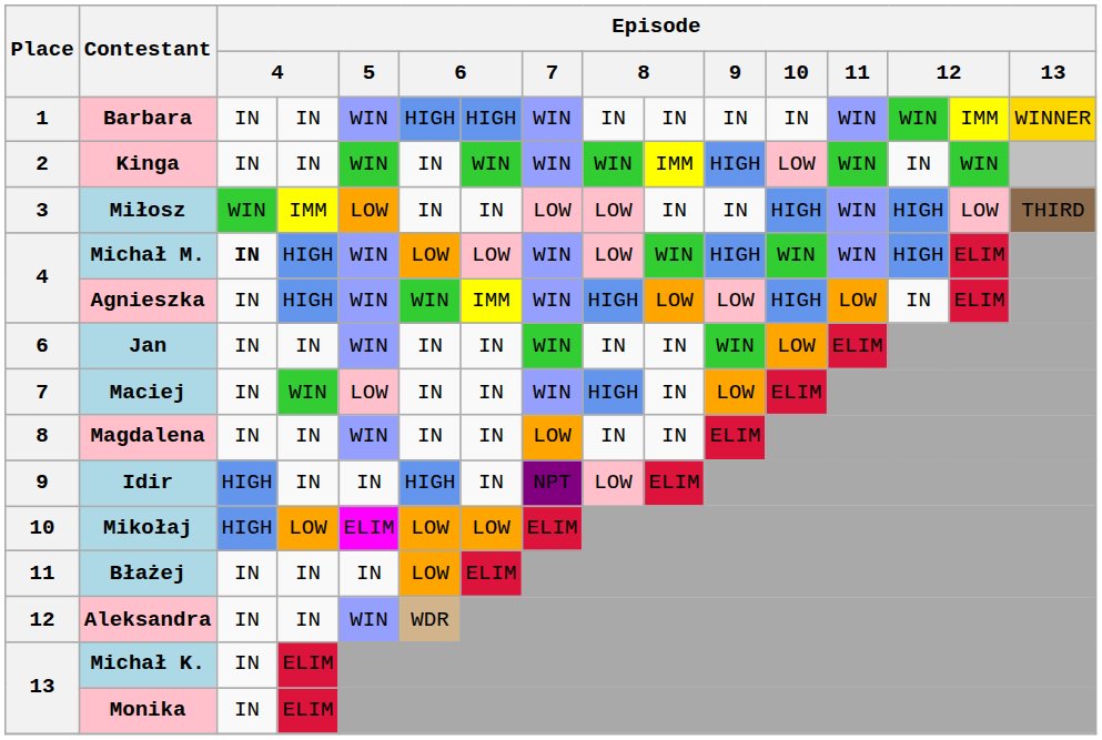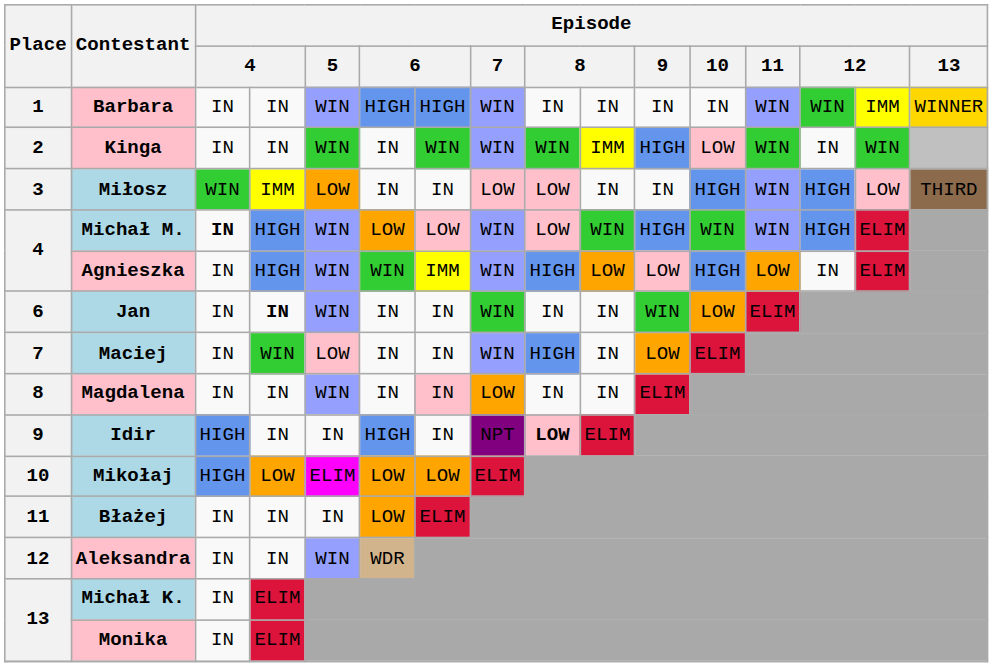 <table class="wikitable" style="text-align: center; font-size: 9pt; line-height:20px;">
 <tr>
 <th rowspan="2">Place</th>
 <th rowspan="2">Contestant</th>
 <th colspan="14">Episode</th>
 </tr>
 <tr>
 <th colspan="2">4</th>
 <th colspan="1">5</th>
 <th colspan="2">6</th>
 <th colspan="1">7</th>
 <th colspan="2">8</th>
 <th>9</th>
 <th>10</th>
 <th colspan="1">11</th>
 <th colspan="2">12</th>
 <th>13</th>
 </tr>
 <tr>
 <th>1</th>
 <th style="background:pink">Barbara</th>
 <td>IN</td>
 <td>IN</td>
 <td bgcolor=#959FFD>WIN</td>
 <td bgcolor=cornflowerblue>HIGH</td>
 <td bgcolor=cornflowerblue>HIGH</td>
 <td bgcolor=#959FFD>WIN</td>
 <td>IN</td>
 <td>IN</td>
 <td>IN</td>
 <td>IN</td>
 <td bgcolor=#959FFD>WIN</td>
 <td bgcolor=limegreen>WIN</td>
 <td bgcolor=yellow>IMM</td>
 <td bgcolor=gold>WINNER</td>
 </tr>
 <tr>
 <th>2</th>
 <th style="background:pink">Kinga</th>
 <td>IN</td>
 <td>IN</td>
 <td bgcolor=limegreen>WIN</td>
 <td>IN</td>
 <td bgcolor=limegreen>WIN</td>
 <td bgcolor=#959FFD>WIN</td>
 <td bgcolor=limegreen>WIN</td>
 <td bgcolor=yellow>IMM</td>
 <td bgcolor=cornflowerblue>HIGH</td>
 <td bgcolor=pink>LOW</td>
 <td bgcolor=limegreen>WIN</td>
 <td>IN</td>
 <td bgcolor=limegreen>WIN</td>
 <td bgcolor=silver></td>
 </tr>
 <tr>
 <th>3</th>
 <th style="background:lightblue">Miłosz</th>
 <td bgcolor=limegreen>WIN</td>
 <td bgcolor=yellow>IMM</td>
 <td bgcolor=orange>LOW</td>
 <td>IN</td>
 <td>IN</td>
 <td bgcolor=pink>LOW</td>
 <td bgcolor=pink>LOW</td>
 <td>IN</td>
 <td>IN</td>
 <td bgcolor=cornflowerblue>HIGH</td>
 <td bgcolor=#959FFD>WIN</td>
 <td bgcolor=cornflowerblue>HIGH</td>
 <td bgcolor=pink>LOW</td>
 <td bgcolor=#8c6b4d>THIRD</td>
 </tr>
 <tr>
 <th rowspan="2">4</th>
 <th style="background:lightblue">Michał M.</th>
 <td><strong>IN</strong></td>
 <td bgcolor=cornflowerblue>HIGH</td>
 <td bgcolor=#959FFD>WIN</td>
 <td bgcolor=orange>LOW</td>
 <td bgcolor=pink>LOW</td>
 <td bgcolor=#959FFD>WIN</td>
 <td bgcolor=pink>LOW</td>
 <td bgcolor=limegreen>WIN</td>
 <td bgcolor=cornflowerblue>HIGH</td>
 <td bgcolor=limegreen>WIN</td>
 <td bgcolor=#959FFD>WIN</td>
 <td bgcolor=cornflowerblue>HIGH</td>
 <td bgcolor=crimson>ELIM</td>
 <td bgcolor="darkgrey"></td>
 </tr>
 <tr>
 <th style="background:pink">Agnieszka</th>
 <td>IN</td>
 <td bgcolor=cornflowerblue>HIGH</td>
 <td bgcolor=#959FFD>WIN</td>
 <td bgcolor=limegreen>WIN</td>
 <td bgcolor=yellow>IMM</td>
 <td bgcolor=#959FFD>WIN</td>
 <td bgcolor=cornflowerblue>HIGH</td>
 <td bgcolor=orange>LOW</td>
 <td bgcolor=pink>LOW</td>
 <td bgcolor=cornflowerblue>HIGH</td>
 <td bgcolor=orange>LOW</td>
 <td>IN</td>
 <td bgcolor=crimson>ELIM</td>
 <td bgcolor="darkgrey"></td>
 </tr>
 <tr>
 <th>6</th>
 <th style="background:lightblue">Jan</th>
 <td>IN</td>
-<td>IN</td>
+<td><strong>IN</strong></td>
 <td bgcolor=#959FFD>WIN</td>
 <td>IN</td>
 <td>IN</td>
 <td bgcolor=limegreen>WIN</td>
 <td>IN</td>
 <td>IN</td>
 <td bgcolor=limegreen>WIN</td>
 <td bgcolor=orange>LOW</td>
 <td bgcolor=crimson>ELIM</td>
 <td colspan="3" bgcolor="darkgrey"></td>
 </tr>
 <tr>
 <th>7</th>
 <th style="background:lightblue">Maciej</th>
 <td>IN</td>
 <td bgcolor=limegreen>WIN</td>
 <td bgcolor=pink>LOW</td>
 <td>IN</td>
 <td>IN</td>
 <td bgcolor=#959FFD>WIN</td>
 <td bgcolor=cornflowerblue>HIGH</td>
 <td>IN</td>
 <td bgcolor=orange>LOW</td>
 <td bgcolor=crimson>ELIM</td>
 <td colspan="4" bgcolor="darkgrey"></td>
 </tr>
 <tr>
 <th>8</th>
 <th style="background:pink">Magdalena</th>
 <td>IN</td>
 <td>IN</td>
 <td bgcolor=#959FFD>WIN</td>
 <td>IN</td>
-<td>IN</td>
+<td style="background: pink;">IN</td>
 <td bgcolor=orange>LOW</td>
 <td>IN</td>
 <td>IN</td>
 <td bgcolor=crimson>ELIM</td>
 <td colspan="5" bgcolor="darkgrey"></td>
 </tr>
 <tr>
 <th>9</th>
 <th style="background:lightblue">Idir</th>
 <td bgcolor=cornflowerblue>HIGH</td>
 <td>IN</td>
 <td>IN</td>
 <td bgcolor=cornflowerblue>HIGH</td>
 <td>IN</td>
 <td bgcolor=purple>NPT</td>
-<td bgcolor=pink>LOW</td>
+<td bgcolor=pink><strong>LOW</strong></td>
 <td bgcolor=crimson>ELIM</td>
 <td colspan="6" bgcolor="darkgrey"></td>
 </tr>
 <tr>
 <th>10</th>
 <th style="background:lightblue">Mikołaj</th>
 <td bgcolor=cornflowerblue>HIGH</td>
 <td bgcolor=orange>LOW</td>
 <td bgcolor="fuchsia">ELIM</td>
 <td bgcolor=orange>LOW</td>
 <td bgcolor=orange>LOW</td>
 <td bgcolor=crimson>ELIM</td>
 <td colspan="8" bgcolor="darkgrey"></td>
 </tr>
 <tr>
 <th>11</th>
 <th style="background:lightblue">Błażej</th>
 <td>IN</td>
 <td>IN</td>
 <td>IN</td>
 <td bgcolor=orange>LOW</td>
 <td bgcolor=crimson>ELIM</td>
 <td colspan="9" bgcolor="darkgrey"></td>
 </tr>
 <tr>
 <th>12</th>
 <th style="background:pink">Aleksandra</th>
 <td>IN</td>
 <td>IN</td>
 <td bgcolor=#959FFD>WIN</td>
 <td bgcolor=tan>WDR</td>
 <td colspan="10" bgcolor="darkgrey"></td>
 </tr>
 <tr>
 <th rowspan="2">13</th>
 <th style="background:lightblue">Michał K.</th>
 <td>IN</td>
 <td bgcolor=crimson>ELIM</td>
 <td colspan="12" bgcolor="darkgrey"></td>
 </tr>
 <tr>
 <th style="background:pink">Monika</th>
 <td>IN</td>
 <td bgcolor=crimson>ELIM</td>
 <td colspan="12" bgcolor="darkgrey"></td>
 </tr>
 <tr>
 </tr>
 </table>
